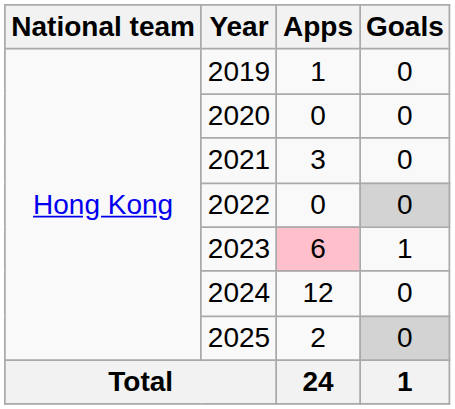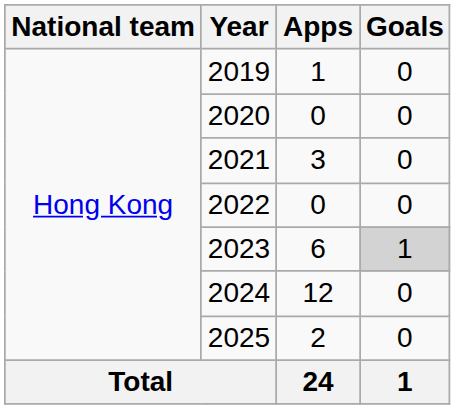 <table class="wikitable" style="text-align:center">
 <tr>
 <th>National team</th>
 <th>Year</th>
 <th>Apps</th>
 <th>Goals</th>
 </tr>
 <tr>
 <td rowspan="7"><a href='#'>Hong Kong</a></td>
 <td>2019</td>
 <td>1</td>
 <td>0</td>
 </tr>
 <tr>
 <td>2020</td>
 <td>0</td>
 <td>0</td>
 </tr>
 <tr>
 <td>2021</td>
 <td>3</td>
 <td>0</td>
 </tr>
 <tr>
 <td>2022</td>
 <td>0</td>
-<td style="background: lightgrey;">0</td>
+<td>0</td>
 </tr>
 <tr>
 <td>2023</td>
-<td style="background: pink;">6</td>
-<td>1</td>
+<td>6</td>
+<td style="background: lightgrey;">1</td>
 </tr>
 <tr>
 <td>2024</td>
 <td>12</td>
 <td>0</td>
 </tr>
 <tr>
 <td>2025</td>
 <td>2</td>
-<td style="background: lightgrey;">0</td>
+<td>0</td>
 </tr>
 <tr>
 <th colspan="2">Total</th>
 <th>24</th>
 <th>1</th>
 </tr>
 </table>
